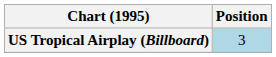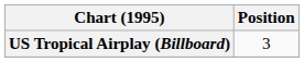 <table class="wikitable plainrowheaders " style="text-align:center;">
 <tr>
 <th scope="col">Chart (1995)</th>
 <th scope="col">Position</th>
 </tr>
 <tr>
 <th scope="row">US Tropical Airplay (<em>Billboard</em>)</th>
-<td style="background: lightblue;">3</td>
+<td>3</td>
 </tr>
 <tr>
 </tr>
 </table>
